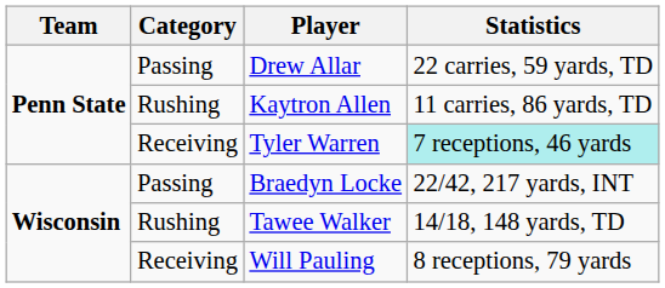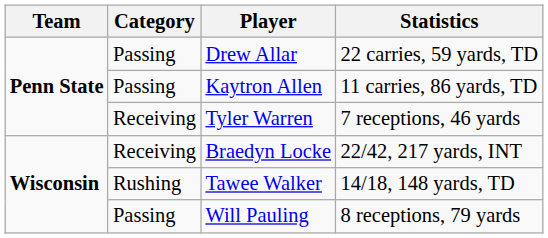 <table class="wikitable" style="float: right;">
 <tr>
 <th>Team</th>
 <th>Category</th>
 <th>Player</th>
 <th>Statistics</th>
 </tr>
 <tr>
 <td rowspan=3><strong>Penn State</strong></td>
 <td>Passing</td>
 <td><a href='#'>Drew Allar</a></td>
 <td>22 carries, 59 yards, TD</td>
 </tr>
 <tr>
-<td>Rushing</td>
+<td>Passing</td>
 <td><a href='#'>Kaytron Allen</a></td>
 <td>11 carries, 86 yards, TD</td>
 </tr>
 <tr>
 <td>Receiving</td>
 <td><a href='#'>Tyler Warren</a></td>
-<td style="background: paleturquoise;">7 receptions, 46 yards</td>
+<td>7 receptions, 46 yards</td>
 </tr>
 <tr>
 <td rowspan=3><strong>Wisconsin</strong></td>
-<td>Passing</td>
+<td>Receiving</td>
 <td><a href='#'>Braedyn Locke</a></td>
 <td>22/42, 217 yards, INT</td>
 </tr>
 <tr>
 <td>Rushing</td>
 <td><a href='#'>Tawee Walker</a></td>
 <td>14/18, 148 yards, TD</td>
 </tr>
 <tr>
-<td>Receiving</td>
+<td>Passing</td>
 <td><a href='#'>Will Pauling</a></td>
 <td>8 receptions, 79 yards</td>
 </tr>
 </table>
